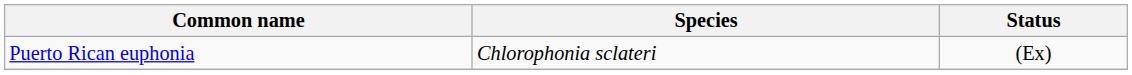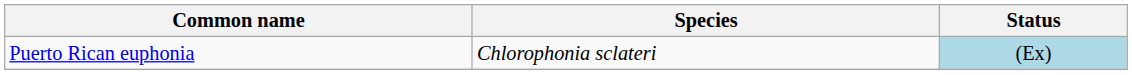 <table width=70% class="wikitable">
 <tr>
 <th width=20%>Common name</th>
 <th width=20%>Species</th>
 <th width=8%>Status</th>
 </tr>
 <tr>
 <td><a href='#'>Puerto Rican euphonia</a></td>
 <td><em> Chlorophonia sclateri</em></td>
-<td align=center>(Ex)</td>
+<td align=center style="background: lightblue;">(Ex)</td>
 </tr>
 <tr>
 </tr>
 </table>
